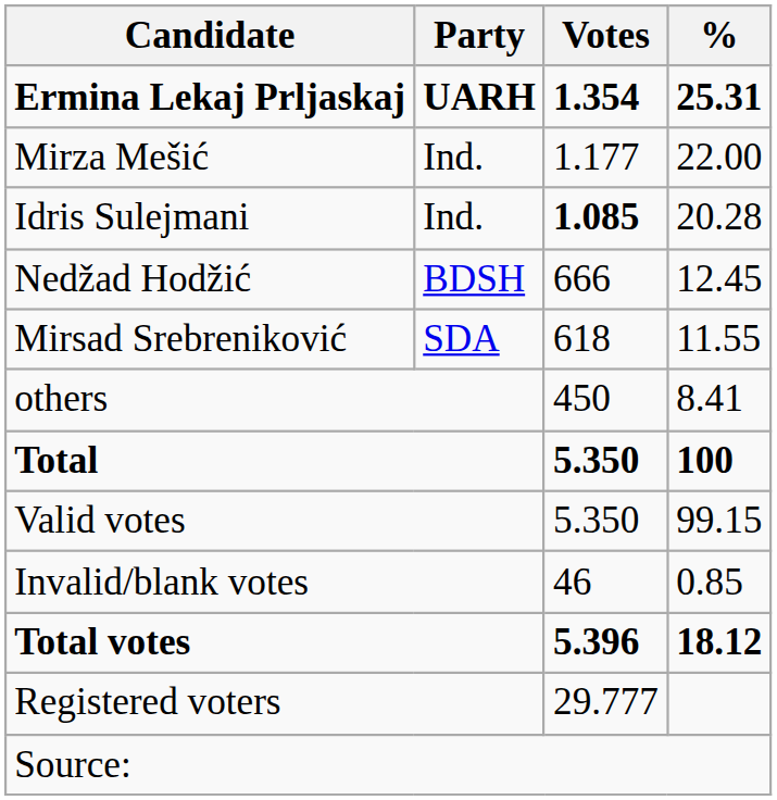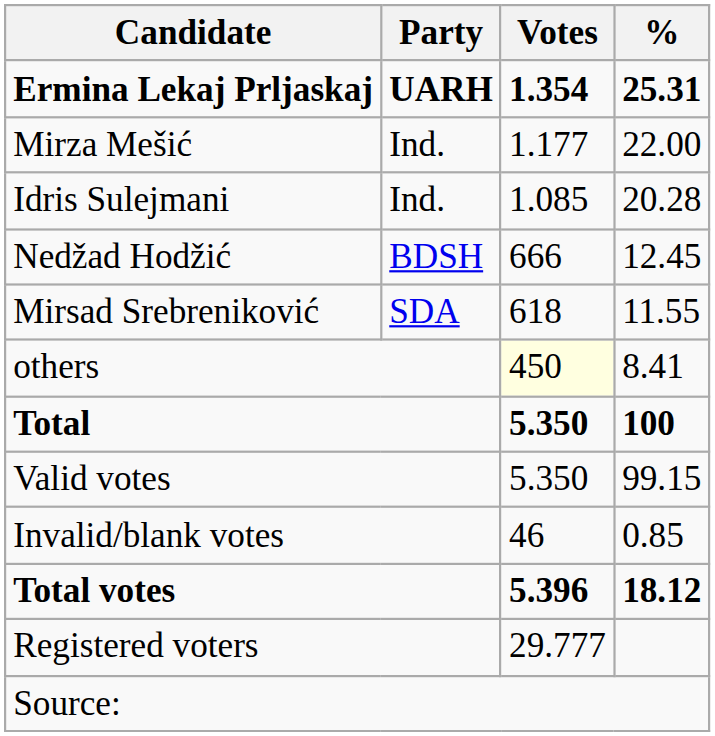 <table class="wikitable" style="text-align: left;">
 <tr>
 <th>Candidate</th>
 <th>Party</th>
 <th>Votes</th>
 <th>%</th>
 </tr>
 <tr>
 <td><strong>Ermina Lekaj Prljaskaj</strong></td>
 <td><strong>UARH</strong></td>
 <td><strong>1.354</strong></td>
 <td><strong>25.31</strong></td>
 </tr>
 <tr>
 <td>Mirza Mešić</td>
 <td>Ind.</td>
 <td>1.177</td>
 <td>22.00</td>
 </tr>
 <tr>
 <td>Idris Sulejmani</td>
 <td>Ind.</td>
-<td><strong>1.085</strong></td>
+<td>1.085</td>
 <td>20.28</td>
 </tr>
 <tr>
 <td>Nedžad Hodžić</td>
 <td><a href='#'>BDSH</a></td>
 <td>666</td>
 <td>12.45</td>
 </tr>
 <tr>
 <td>Mirsad Srebreniković</td>
 <td><a href='#'>SDA</a></td>
 <td>618</td>
 <td>11.55</td>
 </tr>
 <tr>
 <td colspan="2">others</td>
-<td>450</td>
+<td style="background: lightyellow;">450</td>
 <td>8.41</td>
 </tr>
 <tr>
 <td colspan="2"><strong>Total</strong></td>
 <td><strong>5.350</strong></td>
 <td><strong>100</strong></td>
 </tr>
 <tr>
 <td colspan="2">Valid votes</td>
 <td>5.350</td>
 <td>99.15</td>
 </tr>
 <tr>
 <td colspan="2">Invalid/blank votes</td>
 <td>46</td>
 <td>0.85</td>
 </tr>
 <tr>
 <td colspan="2"><strong>Total votes</strong></td>
 <td><strong>5.396</strong></td>
 <td><strong>18.12</strong></td>
 </tr>
 <tr>
 <td colspan="2">Registered voters</td>
 <td>29.777</td>
 <td></td>
 </tr>
 <tr>
 <td colspan="4">Source: </td>
 </tr>
 </table>
